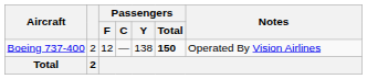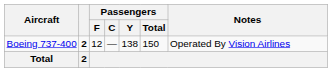 <table class="wikitable">
 <tr>
 <th rowspan="2">Aircraft</th>
 <th rowspan="2"></th>
 <th colspan="4">Passengers</th>
 <th rowspan="2" style="width:250px;">Notes</th>
 </tr>
 <tr style="background:#efefef;">
 <th><abbr>F</abbr></th>
 <th><abbr>C</abbr></th>
 <th><abbr>Y</abbr></th>
 <th>Total</th>
 </tr>
 <tr>
 <td><a href='#'>Boeing 737-400</a></td>
-<td>2</td>
+<td><strong>2</strong></td>
 <td>12</td>
 <td>—</td>
 <td>138</td>
-<td><strong>150</strong></td>
+<td>150</td>
 <td>Operated By <a href='#'>Vision Airlines</a></td>
 </tr>
 <tr>
 <th>Total</th>
 <th>2</th>
 <th colspan="6"></th>
 </tr>
 </table>
